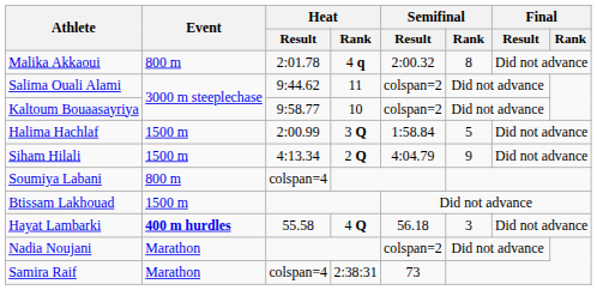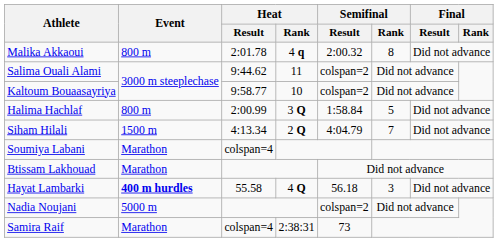 <table class="wikitable" style="font-size:90%">
 <tr>
 <th rowspan="2">Athlete</th>
 <th rowspan="2">Event</th>
 <th colspan="2">Heat</th>
 <th colspan="2">Semifinal</th>
 <th colspan="2">Final</th>
 </tr>
 <tr style="font-size:95%">
 <th>Result</th>
 <th>Rank</th>
 <th>Result</th>
 <th>Rank</th>
 <th>Result</th>
 <th>Rank</th>
 </tr>
 <tr align=center>
 <td align=left><a href='#'>Malika Akkaoui</a></td>
 <td align=left><a href='#'>800 m</a></td>
 <td>2:01.78</td>
 <td>4 <strong>q</strong></td>
 <td>2:00.32</td>
 <td>8</td>
 <td colspan=2>Did not advance</td>
 </tr>
 <tr align=center>
 <td align=left><a href='#'>Salima Ouali Alami</a></td>
 <td align=left rowspan=2><a href='#'>3000 m steeplechase</a></td>
 <td>9:44.62</td>
 <td>11</td>
 <td>colspan=2 </td>
 <td colspan=2>Did not advance</td>
 </tr>
 <tr align=center>
 <td align=left><a href='#'>Kaltoum Bouaasayriya</a></td>
 <td>9:58.77</td>
 <td>10</td>
 <td>colspan=2 </td>
 <td colspan=2>Did not advance</td>
 </tr>
 <tr align=center>
 <td align=left><a href='#'>Halima Hachlaf</a></td>
-<td align=left><a href='#'>1500 m</a></td>
+<td align=left><a href='#'>800 m</a></td>
 <td>2:00.99</td>
 <td>3 <strong>Q</strong></td>
 <td>1:58.84</td>
 <td>5</td>
 <td colspan=2>Did not advance</td>
 </tr>
 <tr align=center>
 <td align=left><a href='#'>Siham Hilali</a></td>
 <td align=left><a href='#'>1500 m</a></td>
 <td>4:13.34</td>
 <td>2 <strong>Q</strong></td>
 <td>4:04.79</td>
-<td>9</td>
+<td>7</td>
 <td colspan=2>Did not advance</td>
 </tr>
 <tr align=center>
 <td align=left><a href='#'>Soumiya Labani</a></td>
-<td align=left><a href='#'>800 m</a></td>
+<td align=left><a href='#'>Marathon</a></td>
 <td>colspan=4 </td>
 <td colspan=2></td>
 </tr>
 <tr align=center>
 <td align=left><a href='#'>Btissam Lakhouad</a></td>
-<td align=left><a href='#'>1500 m</a></td>
+<td align=left><a href='#'>Marathon</a></td>
 <td colspan=2></td>
 <td colspan=4>Did not advance</td>
 </tr>
 <tr align=center>
 <td align=left><a href='#'>Hayat Lambarki</a></td>
 <td align=left><strong><a href='#'>400 m hurdles</a></strong></td>
 <td>55.58</td>
 <td>4 <strong>Q</strong></td>
 <td>56.18</td>
 <td>3</td>
 <td colspan=2>Did not advance</td>
 </tr>
 <tr align=center>
 <td align=left><a href='#'>Nadia Noujani</a></td>
-<td align=left><a href='#'>Marathon</a></td>
+<td align=left><a href='#'>5000 m</a></td>
 <td colspan=2></td>
 <td>colspan=2 </td>
 <td colspan=2>Did not advance</td>
 </tr>
 <tr align=center>
 <td align=left><a href='#'>Samira Raif</a></td>
 <td align=left><a href='#'>Marathon</a></td>
 <td>colspan=4 </td>
 <td>2:38:31</td>
 <td>73</td>
 </tr>
 </table>
